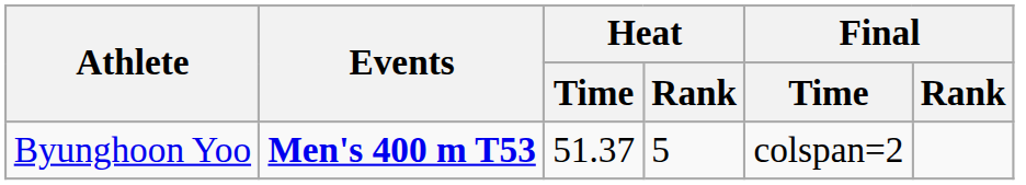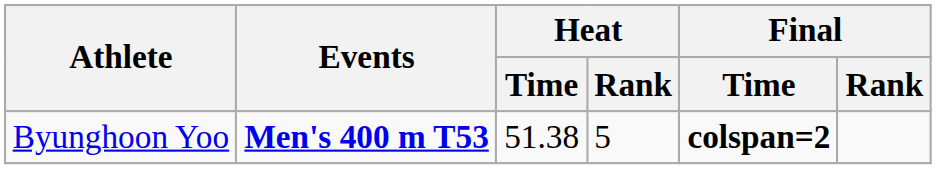 <table class=wikitable>
 <tr>
 <th rowspan="2">Athlete</th>
 <th rowspan="2">Events</th>
 <th colspan="2">Heat</th>
 <th colspan="2">Final</th>
 </tr>
 <tr>
 <th>Time</th>
 <th>Rank</th>
 <th>Time</th>
 <th>Rank</th>
 </tr>
 <tr>
 <td align=left><a href='#'>Byunghoon Yoo</a></td>
 <td align=left><strong><a href='#'>Men's 400 m T53</a></strong></td>
-<td>51.37</td>
+<td>51.38</td>
 <td>5</td>
-<td>colspan=2 </td>
+<td><strong>colspan=2 </strong></td>
 </tr>
 </table>
